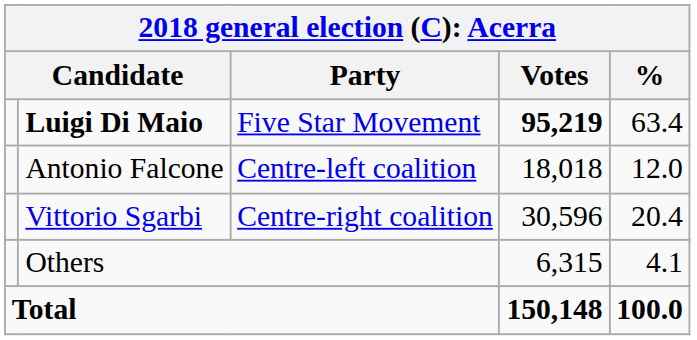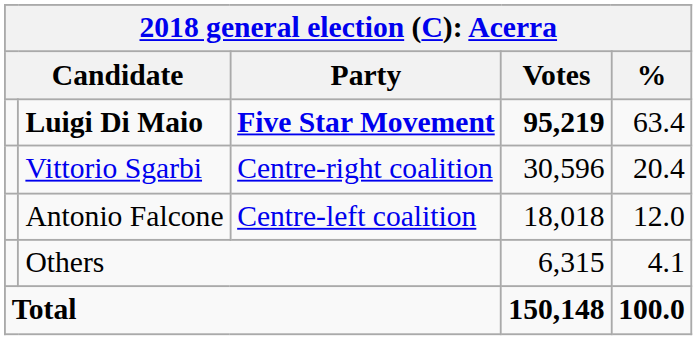 <table class=wikitable style=text-align:right>
 <tr>
 <th colspan=5><a href='#'>2018 general election</a> (<a href='#'>C</a>): <a href='#'>Acerra</a></th>
 </tr>
 <tr>
 <th colspan=2>Candidate</th>
 <th>Party</th>
 <th>Votes</th>
 <th>%</th>
 </tr>
 <tr>
 <td></td>
 <td align=left><strong>Luigi Di Maio</strong></td>
-<td align=left><a href='#'>Five Star Movement</a></td>
+<td align=left><strong><a href='#'>Five Star Movement</a></strong></td>
 <td><strong>95,219</strong></td>
 <td>63.4</td>
+</tr>
+<tr>
+<td></td>
+<td align=left><a href='#'>Vittorio Sgarbi</a></td>
+<td align=left><a href='#'>Centre-right coalition</a></td>
+<td>30,596</td>
+<td>20.4</td>
 </tr>
 <tr>
 <td></td>
 <td align=left>Antonio Falcone</td>
 <td align=left><a href='#'>Centre-left coalition</a></td>
 <td>18,018</td>
 <td>12.0</td>
-</tr>
-<tr>
-<td></td>
-<td align=left><a href='#'>Vittorio Sgarbi</a></td>
-<td align=left><a href='#'>Centre-right coalition</a></td>
-<td>30,596</td>
-<td>20.4</td>
 </tr>
 <tr>
 <td></td>
 <td align=left colspan=2>Others</td>
 <td>6,315</td>
 <td>4.1</td>
 </tr>
 <tr>
 <td align=left colspan=3><strong>Total</strong></td>
 <td><strong>150,148</strong></td>
 <td><strong>100.0</strong></td>
 </tr>
 </table>
